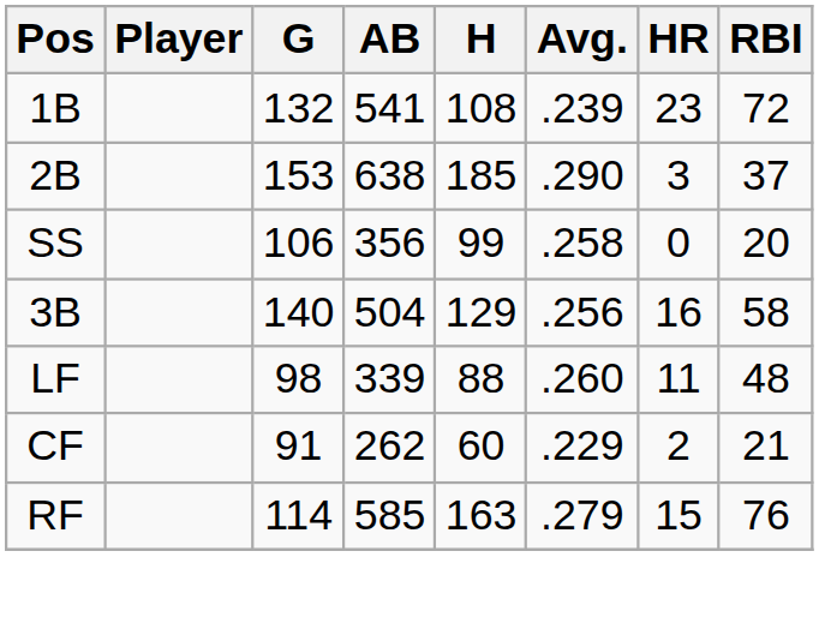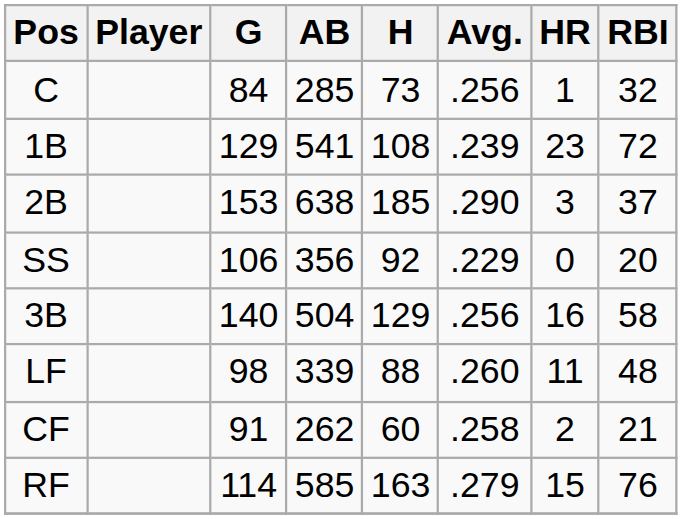 <table class="wikitable sortable">
 <tr>
 <th>Pos</th>
 <th>Player</th>
 <th>G</th>
 <th>AB</th>
 <th>H</th>
 <th>Avg.</th>
 <th>HR</th>
 <th>RBI</th>
 </tr>
+<tr align="center">
+<td>C</td>
+<td></td>
+<td>84</td>
+<td>285</td>
+<td>73</td>
+<td>.256</td>
+<td>1</td>
+<td>32</td>
+</tr>
 <tr align=center>
 <td>1B</td>
 <td></td>
-<td>132</td>
+<td>129</td>
 <td>541</td>
 <td>108</td>
 <td>.239</td>
 <td>23</td>
 <td>72</td>
 </tr>
 <tr align=center>
 <td>2B</td>
 <td></td>
 <td>153</td>
 <td>638</td>
 <td>185</td>
 <td>.290</td>
 <td>3</td>
 <td>37</td>
 </tr>
 <tr align="center">
 <td>SS</td>
 <td></td>
 <td>106</td>
 <td>356</td>
-<td>99</td>
-<td>.258</td>
+<td>92</td>
+<td>.229</td>
 <td>0</td>
 <td>20</td>
 </tr>
 <tr align=center>
 <td>3B</td>
 <td></td>
 <td>140</td>
 <td>504</td>
 <td>129</td>
 <td>.256</td>
 <td>16</td>
 <td>58</td>
 </tr>
 <tr align="center">
 <td>LF</td>
 <td></td>
 <td>98</td>
 <td>339</td>
 <td>88</td>
 <td>.260</td>
 <td>11</td>
 <td>48</td>
 </tr>
 <tr align="center">
 <td>CF</td>
 <td></td>
 <td>91</td>
 <td>262</td>
 <td>60</td>
-<td>.229</td>
+<td>.258</td>
 <td>2</td>
 <td>21</td>
 </tr>
 <tr align="center">
 <td>RF</td>
 <td></td>
 <td>114</td>
 <td>585</td>
 <td>163</td>
 <td>.279</td>
 <td>15</td>
 <td>76</td>
 </tr>
 <tr align="center">
 </tr>
 </table>
